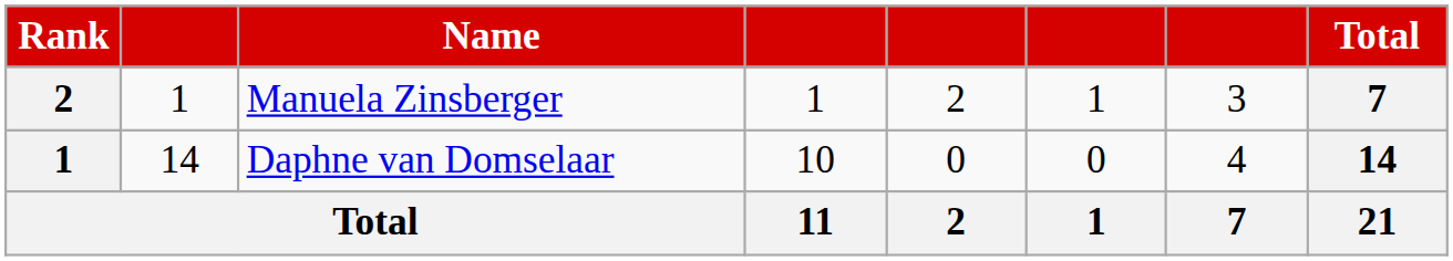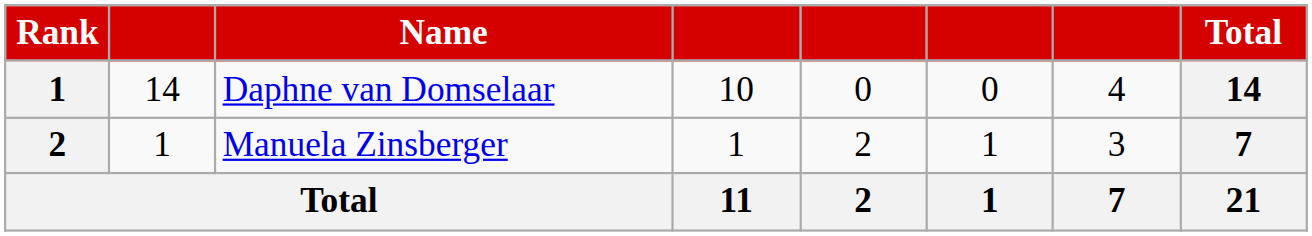 <table class="wikitable sortable" style="text-align:center; font-size:100%; ">
 <tr>
 <th style="background:#d50000; color:white; text-align:center; width:40px">Rank</th>
 <th style="background:#d50000; color:white; text-align:center; width:40px"></th>
 <th style="background:#d50000; color:white; text-align:center; width:200px">Name</th>
 <th style="background:#d50000; color:white; text-align:center; width:50px;"><a href='#'></a></th>
 <th style="background:#d50000; color:white; text-align:center; width:50px;"><a href='#'></a></th>
 <th style="background:#d50000; color:white; text-align:center; width:50px;"><a href='#'></a></th>
 <th style="background:#d50000; color:white; text-align:center; width:50px;"><a href='#'></a></th>
 <th style="background:#d50000; color:white; text-align:center; width:50px;">Total</th>
 </tr>
 <tr>
+<th>1</th>
+<td>14</td>
+<td align="left"> <a href='#'>Daphne van Domselaar</a></td>
+<td>10</td>
+<td>0</td>
+<td>0</td>
+<td>4</td>
+<th>14</th>
+</tr>
+<tr>
 <th>2</th>
 <td>1</td>
 <td align="left"> <a href='#'>Manuela Zinsberger</a></td>
 <td>1</td>
 <td>2</td>
 <td>1</td>
 <td>3</td>
 <th>7</th>
 </tr>
 <tr>
-<th>1</th>
-<td>14</td>
-<td align="left"> <a href='#'>Daphne van Domselaar</a></td>
-<td>10</td>
-<td>0</td>
-<td>0</td>
-<td>4</td>
-<th>14</th>
-</tr>
-<tr>
 <th colspan="3">Total</th>
 <th>11</th>
 <th>2</th>
 <th>1</th>
 <th>7</th>
 <th>21</th>
 </tr>
 </table>
